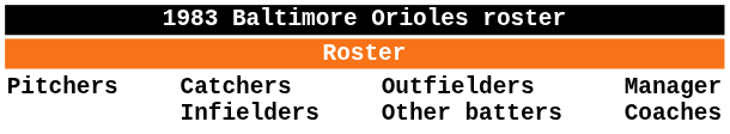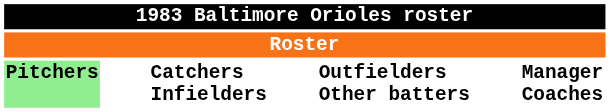 <table class="toccolours" style="font-size: 95%;">
 <tr>
 <th colspan="10" style="background-color: black; color: white; text-align: center;">1983 Baltimore Orioles roster</th>
 </tr>
 <tr>
 <td colspan="10" style="background-color: #F87217; color: white; text-align: center;"><strong>Roster</strong></td>
 </tr>
 <tr>
-<td valign="top"><strong>Pitchers</strong><br>             </td>
+<td valign="top" style="background: lightgreen;"><strong>Pitchers</strong><br>             </td>
 <td width="25px"></td>
 <td valign="top"><strong>Catchers</strong><br>    <strong>Infielders</strong>         </td>
 <td width="25px"></td>
 <td valign="top"><strong>Outfielders</strong><br>         <strong>Other batters</strong> </td>
 <td width="25px"></td>
 <td valign="top"><strong>Manager</strong><br> <strong>Coaches</strong>     </td>
 </tr>
 <tr>
 </tr>
 </table>
